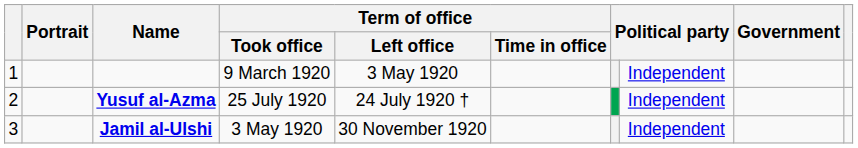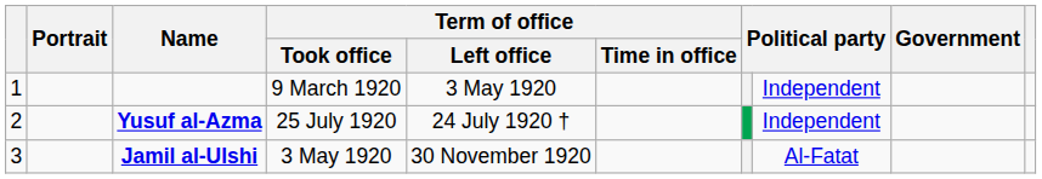 <table class="wikitable" style="text-align:center">
 <tr>
 <th rowspan="2"></th>
 <th rowspan="2">Portrait</th>
 <th rowspan="2">Name<br></th>
 <th colspan="3">Term of office</th>
 <th colspan="2" rowspan="2">Political party</th>
 <th rowspan="2">Government</th>
 <th rowspan="2"></th>
 </tr>
 <tr>
 <th>Took office</th>
 <th>Left office</th>
 <th>Time in office</th>
 </tr>
 <tr>
 <td>1</td>
 <td></td>
 <td><strong></strong><br></td>
 <td>9 March 1920</td>
 <td>3 May 1920</td>
 <td></td>
 <th style="background:"></th>
 <td><a href='#'>Independent</a></td>
 <td></td>
 <td></td>
 </tr>
 <tr>
 <td>2</td>
 <td></td>
 <td><strong><a href='#'>Yusuf al-Azma</a></strong><br></td>
 <td>25 July 1920</td>
 <td>24 July 1920 †</td>
 <td></td>
 <th style="background:#00A550; "></th>
 <td><a href='#'>Independent</a></td>
 <td></td>
 <td></td>
 </tr>
 <tr>
 <td>3</td>
 <td></td>
 <td><strong><a href='#'>Jamil al-Ulshi</a></strong><br></td>
 <td>3 May 1920</td>
 <td>30 November 1920</td>
 <td></td>
 <th style="background:"></th>
-<td><a href='#'>Independent</a></td>
+<td><a href='#'>Al-Fatat</a></td>
 <td><br></td>
 <td></td>
 </tr>
 </table>
